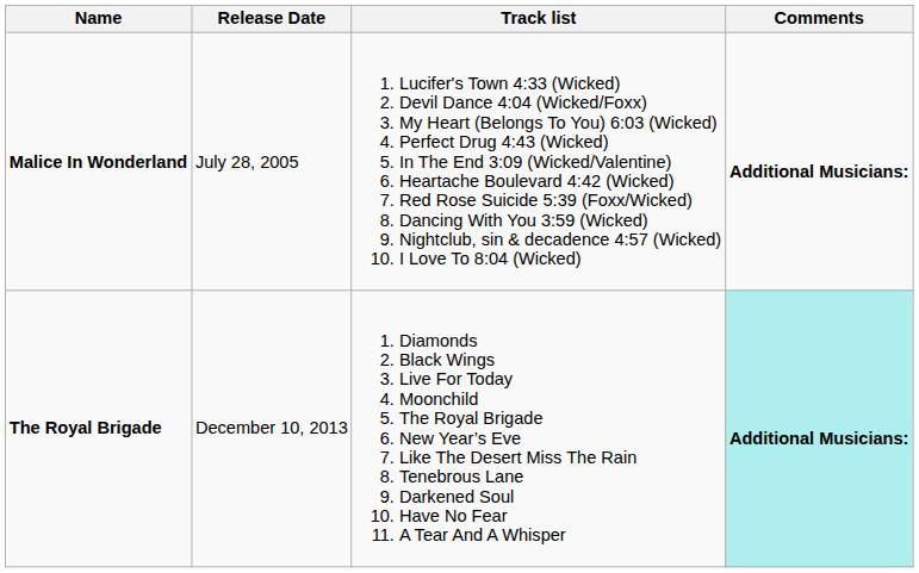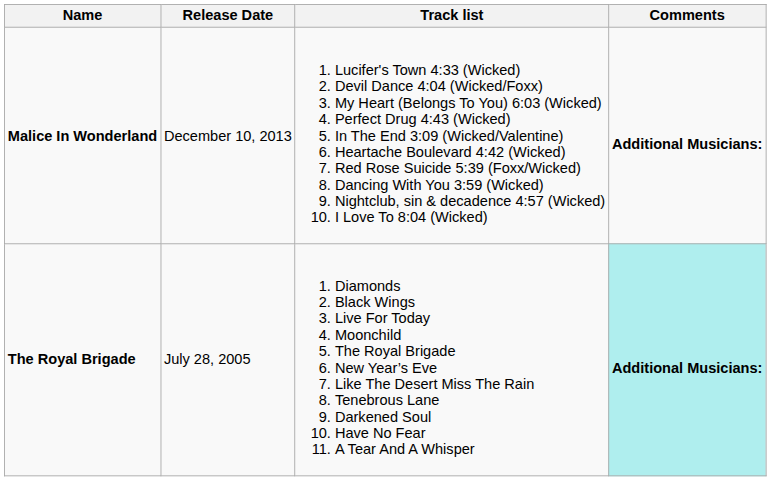 <table class="wikitable">
 <tr>
 <th>Name</th>
 <th>Release Date</th>
 <th>Track list</th>
 <th>Comments</th>
 </tr>
 <tr>
 <td><strong>Malice In Wonderland</strong></td>
-<td>July 28, 2005</td>
+<td>December 10, 2013</td>
 <td><br><ol><li>Lucifer's Town  4:33 (Wicked)</li><li>Devil Dance 4:04 (Wicked/Foxx)</li><li>My Heart (Belongs To You) 6:03 (Wicked)</li><li>Perfect Drug 4:43 (Wicked)</li><li>In The End 3:09 (Wicked/Valentine)</li><li>Heartache Boulevard 4:42 (Wicked)</li><li>Red Rose Suicide 5:39 (Foxx/Wicked)</li><li>Dancing With You 3:59 (Wicked)</li><li>Nightclub, sin & decadence 4:57 (Wicked)</li><li>I Love To 8:04 (Wicked)</li></ol></td>
 <td><br><strong>Additional Musicians:</strong> </td>
 </tr>
 <tr>
 <td><strong>The Royal Brigade</strong></td>
-<td>December 10, 2013</td>
+<td>July 28, 2005</td>
 <td><br><ol><li>Diamonds</li><li>Black Wings</li><li>Live For Today</li><li>Moonchild</li><li>The Royal Brigade</li><li>New Year’s Eve</li><li>Like The Desert Miss The Rain</li><li>Tenebrous Lane</li><li>Darkened Soul</li><li>Have No Fear</li><li>A Tear And A Whisper</li></ol></td>
 <td style="background: paleturquoise;"><br><strong>Additional Musicians:</strong> </td>
 </tr>
 </table>
